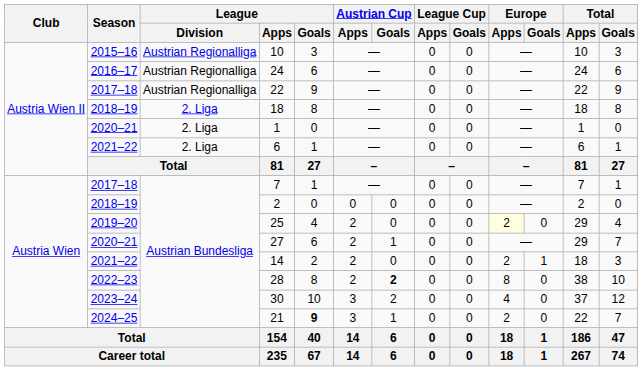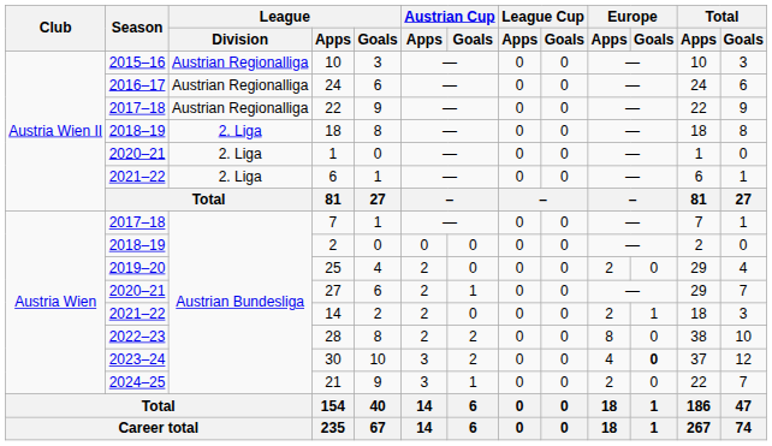 <table class=wikitable style="text-align: center;">
 <tr>
 <th rowspan=2>Club</th>
 <th rowspan=2>Season</th>
 <th colspan=3>League</th>
 <th colspan=2><a href='#'>Austrian Cup</a></th>
 <th colspan=2>League Cup</th>
 <th colspan=2>Europe</th>
 <th colspan=2>Total</th>
 </tr>
 <tr>
 <th>Division</th>
 <th>Apps</th>
 <th>Goals</th>
 <th>Apps</th>
 <th>Goals</th>
 <th>Apps</th>
 <th>Goals</th>
 <th>Apps</th>
 <th>Goals</th>
 <th>Apps</th>
 <th>Goals</th>
 </tr>
 <tr>
 <td rowspan=7><a href='#'> Austria Wien II</a></td>
 <td><a href='#'>2015–16</a></td>
 <td><a href='#'>Austrian Regionalliga</a></td>
 <td>10</td>
 <td>3</td>
 <td colspan="2">—</td>
 <td>0</td>
 <td>0</td>
 <td colspan="2">—</td>
 <td>10</td>
 <td>3</td>
 </tr>
 <tr>
 <td><a href='#'>2016–17</a></td>
 <td>Austrian Regionalliga</td>
 <td>24</td>
 <td>6</td>
 <td colspan="2">—</td>
 <td>0</td>
 <td>0</td>
 <td colspan="2">—</td>
 <td>24</td>
 <td>6</td>
 </tr>
 <tr>
 <td><a href='#'>2017–18</a></td>
 <td>Austrian Regionalliga</td>
 <td>22</td>
 <td>9</td>
 <td colspan="2">—</td>
 <td>0</td>
 <td>0</td>
 <td colspan="2">—</td>
 <td>22</td>
 <td>9</td>
 </tr>
 <tr>
 <td><a href='#'>2018–19</a></td>
 <td><a href='#'>2. Liga</a></td>
 <td>18</td>
 <td>8</td>
 <td colspan="2">—</td>
 <td>0</td>
 <td>0</td>
 <td colspan="2">—</td>
 <td>18</td>
 <td>8</td>
 </tr>
 <tr>
 <td><a href='#'>2020–21</a></td>
 <td>2. Liga</td>
 <td>1</td>
 <td>0</td>
 <td colspan="2">—</td>
 <td>0</td>
 <td>0</td>
 <td colspan="2">—</td>
 <td>1</td>
 <td>0</td>
 </tr>
 <tr>
 <td><a href='#'>2021–22</a></td>
 <td>2. Liga</td>
 <td>6</td>
 <td>1</td>
 <td colspan="2">—</td>
 <td>0</td>
 <td>0</td>
 <td colspan="2">—</td>
 <td>6</td>
 <td>1</td>
 </tr>
 <tr>
 <th colspan=2>Total</th>
 <th>81</th>
 <th>27</th>
 <th colspan=2>–</th>
 <th colspan=2>–</th>
 <th colspan=2>–</th>
 <th>81</th>
 <th>27</th>
 </tr>
 <tr>
 <td rowspan="8"><a href='#'>Austria Wien</a></td>
 <td><a href='#'>2017–18</a></td>
 <td rowspan="8"><a href='#'>Austrian Bundesliga</a></td>
 <td>7</td>
 <td>1</td>
 <td colspan="2">—</td>
 <td>0</td>
 <td>0</td>
 <td colspan="2">—</td>
 <td>7</td>
 <td>1</td>
 </tr>
 <tr>
 <td><a href='#'>2018–19</a></td>
 <td>2</td>
 <td>0</td>
 <td>0</td>
 <td>0</td>
 <td>0</td>
 <td>0</td>
 <td colspan="2">—</td>
 <td>2</td>
 <td>0</td>
 </tr>
 <tr>
 <td><a href='#'>2019–20</a></td>
 <td>25</td>
 <td>4</td>
 <td>2</td>
 <td>0</td>
 <td>0</td>
 <td>0</td>
-<td style="background: lightyellow;">2</td>
+<td>2</td>
 <td>0</td>
 <td>29</td>
 <td>4</td>
 </tr>
 <tr>
 <td><a href='#'>2020–21</a></td>
 <td>27</td>
 <td>6</td>
 <td>2</td>
 <td>1</td>
 <td>0</td>
 <td>0</td>
 <td colspan="2">—</td>
 <td>29</td>
 <td>7</td>
 </tr>
 <tr>
 <td><a href='#'>2021–22</a></td>
 <td>14</td>
 <td>2</td>
 <td>2</td>
 <td>0</td>
 <td>0</td>
 <td>0</td>
 <td>2</td>
 <td>1</td>
 <td>18</td>
 <td>3</td>
 </tr>
 <tr>
 <td><a href='#'>2022–23</a></td>
 <td>28</td>
 <td>8</td>
 <td>2</td>
-<td><strong>2</strong></td>
+<td>2</td>
 <td>0</td>
 <td>0</td>
 <td>8</td>
 <td>0</td>
 <td>38</td>
 <td>10</td>
 </tr>
 <tr>
 <td><a href='#'>2023–24</a></td>
 <td>30</td>
 <td>10</td>
 <td>3</td>
 <td>2</td>
 <td>0</td>
 <td>0</td>
 <td>4</td>
-<td>0</td>
+<td><strong>0</strong></td>
 <td>37</td>
 <td>12</td>
 </tr>
 <tr>
 <td><a href='#'>2024–25</a></td>
 <td>21</td>
-<td><strong>9</strong></td>
+<td>9</td>
 <td>3</td>
 <td>1</td>
 <td>0</td>
 <td>0</td>
 <td>2</td>
 <td>0</td>
 <td>22</td>
 <td>7</td>
 </tr>
 <tr>
 <th colspan=3>Total</th>
 <th>154</th>
 <th>40</th>
 <th>14</th>
 <th>6</th>
 <th>0</th>
 <th>0</th>
 <th>18</th>
 <th>1</th>
 <th>186</th>
 <th>47</th>
 </tr>
 <tr>
 <th colspan=3>Career total</th>
 <th>235</th>
 <th>67</th>
 <th>14</th>
 <th>6</th>
 <th>0</th>
 <th>0</th>
 <th>18</th>
 <th>1</th>
 <th>267</th>
 <th>74</th>
 </tr>
 </table>
